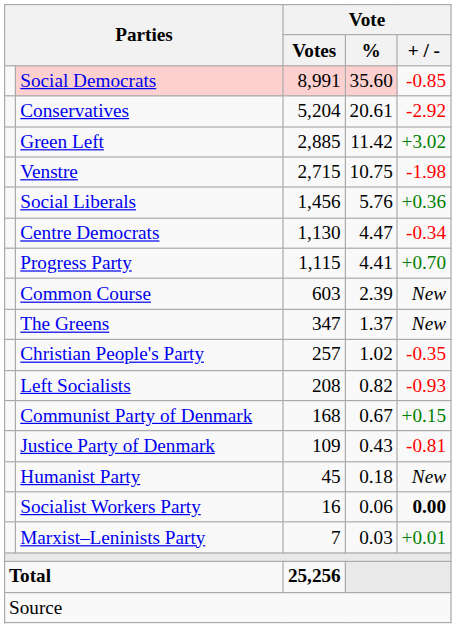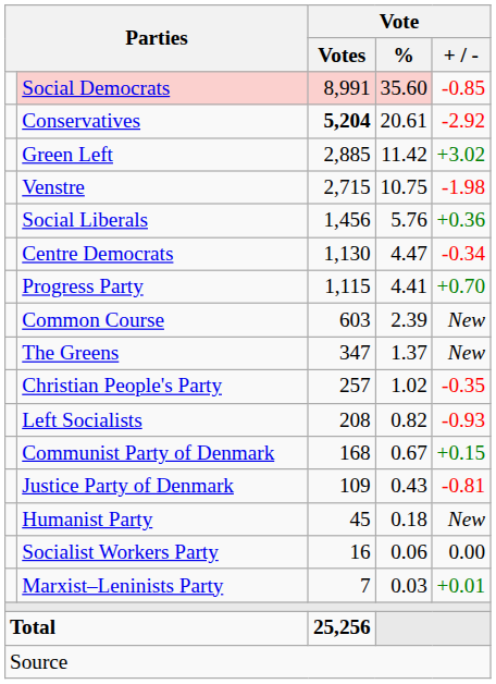 <table class="wikitable" style="text-align:right;">
 <tr>
 <th style="text-align:centre;" rowspan="2" colspan="2" width="225">Parties</th>
 <th colspan="3">Vote</th>
 </tr>
 <tr>
 <th width="15">Votes</th>
 <th width="15">%</th>
 <th width="15">+ / -</th>
 </tr>
 <tr>
 <td width="2" style="color:inherit;background:"></td>
 <td bgcolor=#fbd0ce  align="left"><a href='#'>Social Democrats</a></td>
 <td bgcolor=#fbd0ce>8,991</td>
 <td bgcolor=#fbd0ce>35.60</td>
 <td style=color:red;>-0.85</td>
 </tr>
 <tr>
 <td width="2" style="color:inherit;background:"></td>
 <td align="left"><a href='#'>Conservatives</a></td>
-<td>5,204</td>
+<td><strong>5,204</strong></td>
 <td>20.61</td>
 <td style=color:red;>-2.92</td>
 </tr>
 <tr>
 <td width="2" style="color:inherit;background:"></td>
 <td align="left"><a href='#'>Green Left</a></td>
 <td>2,885</td>
 <td>11.42</td>
 <td style=color:green;>+3.02</td>
 </tr>
 <tr>
 <td width="2" style="color:inherit;background:"></td>
 <td align="left"><a href='#'>Venstre</a></td>
 <td>2,715</td>
 <td>10.75</td>
 <td style=color:red;>-1.98</td>
 </tr>
 <tr>
 <td width="2" style="color:inherit;background:"></td>
 <td align="left"><a href='#'>Social Liberals</a></td>
 <td>1,456</td>
 <td>5.76</td>
 <td style=color:green;>+0.36</td>
 </tr>
 <tr>
 <td width="2" style="color:inherit;background:"></td>
 <td align="left"><a href='#'>Centre Democrats</a></td>
 <td>1,130</td>
 <td>4.47</td>
 <td style=color:red;>-0.34</td>
 </tr>
 <tr>
 <td width="2" style="color:inherit;background:"></td>
 <td align="left"><a href='#'>Progress Party</a></td>
 <td>1,115</td>
 <td>4.41</td>
 <td style=color:green;>+0.70</td>
 </tr>
 <tr>
 <td width="2" style="color:inherit;background:"></td>
 <td align="left"><a href='#'>Common Course</a></td>
 <td>603</td>
 <td>2.39</td>
 <td><em>New</em></td>
 </tr>
 <tr>
 <td width="2" style="color:inherit;background:"></td>
 <td align="left"><a href='#'>The Greens</a></td>
 <td>347</td>
 <td>1.37</td>
 <td><em>New</em></td>
 </tr>
 <tr>
 <td width="2" style="color:inherit;background:"></td>
 <td align="left"><a href='#'>Christian People's Party</a></td>
 <td>257</td>
 <td>1.02</td>
 <td style=color:red;>-0.35</td>
 </tr>
 <tr>
 <td width="2" style="color:inherit;background:"></td>
 <td align="left"><a href='#'>Left Socialists</a></td>
 <td>208</td>
 <td>0.82</td>
 <td style=color:red;>-0.93</td>
 </tr>
 <tr>
 <td width="2" style="color:inherit;background:"></td>
 <td align="left"><a href='#'>Communist Party of Denmark</a></td>
 <td>168</td>
 <td>0.67</td>
 <td style=color:green;>+0.15</td>
 </tr>
 <tr>
 <td width="2" style="color:inherit;background:"></td>
 <td align="left"><a href='#'>Justice Party of Denmark</a></td>
 <td>109</td>
 <td>0.43</td>
 <td style=color:red;>-0.81</td>
 </tr>
 <tr>
 <td width="2" style="color:inherit;background:"></td>
 <td align="left"><a href='#'>Humanist Party</a></td>
 <td>45</td>
 <td>0.18</td>
 <td><em>New</em></td>
 </tr>
 <tr>
 <td width="2" style="color:inherit;background:"></td>
 <td align="left"><a href='#'>Socialist Workers Party</a></td>
 <td>16</td>
 <td>0.06</td>
-<td><strong>0.00</strong></td>
+<td>0.00</td>
 </tr>
 <tr>
 <td width="2" style="color:inherit;background:"></td>
 <td align="left"><a href='#'>Marxist–Leninists Party</a></td>
 <td>7</td>
 <td>0.03</td>
 <td style=color:green;>+0.01</td>
 </tr>
 <tr>
 <td colspan="7" bgcolor="#E9E9E9"></td>
 </tr>
 <tr>
 <td align="left" colspan="2"><strong>Total</strong></td>
 <td><strong>25,256</strong></td>
 <td bgcolor="#E9E9E9" colspan="2"></td>
 </tr>
 <tr>
 <td align="left" colspan="6">Source</td>
 </tr>
 </table>
